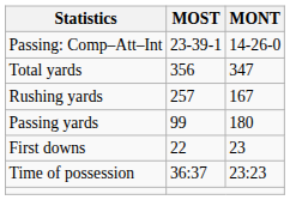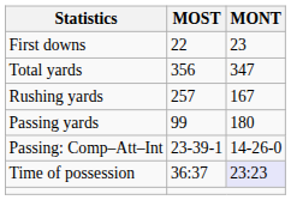 <table class="wikitable" style="float: left;">
 <tr>
 <th>Statistics</th>
 <th>MOST</th>
 <th>MONT</th>
 </tr>
 <tr>
-<td>Passing: Comp–Att–Int</td>
-<td>23-39-1</td>
-<td>14-26-0</td>
+<td>First downs</td>
+<td>22</td>
+<td>23</td>
 </tr>
 <tr>
 <td>Total yards</td>
 <td>356</td>
 <td>347</td>
 </tr>
 <tr>
 <td>Rushing yards</td>
 <td>257</td>
 <td>167</td>
 </tr>
 <tr>
 <td>Passing yards</td>
 <td>99</td>
 <td>180</td>
 </tr>
 <tr>
-<td>First downs</td>
-<td>22</td>
-<td>23</td>
+<td>Passing: Comp–Att–Int</td>
+<td>23-39-1</td>
+<td>14-26-0</td>
 </tr>
 <tr>
 <td>Time of possession</td>
 <td>36:37</td>
-<td>23:23</td>
+<td style="background: lavender;">23:23</td>
 </tr>
 <tr>
 <td></td>
 </tr>
 </table>
